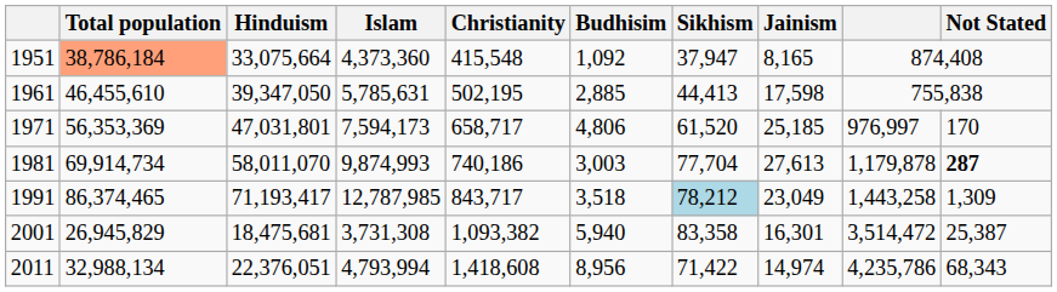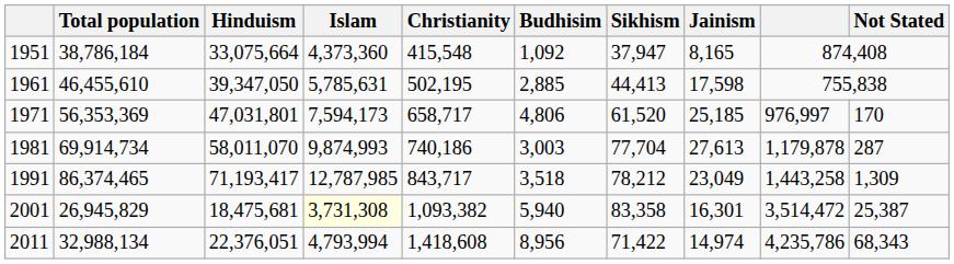 <table class="wikitable defaultright col1center hover-highlight">
 <tr>
 <th></th>
 <th>Total population</th>
 <th>Hinduism</th>
 <th>Islam</th>
 <th>Christianity</th>
 <th>Budhisim</th>
 <th>Sikhism</th>
 <th>Jainism</th>
 <th></th>
 <th>Not Stated</th>
 </tr>
 <tr>
 <td>1951</td>
-<td style="background: lightsalmon;">38,786,184</td>
+<td>38,786,184</td>
 <td>33,075,664</td>
 <td>4,373,360</td>
 <td>415,548</td>
 <td>1,092</td>
 <td>37,947</td>
 <td>8,165</td>
 <td colspan="2" style="text-align:center">874,408</td>
 </tr>
 <tr>
 <td>1961</td>
 <td>46,455,610</td>
 <td>39,347,050</td>
 <td>5,785,631</td>
 <td>502,195</td>
 <td>2,885</td>
 <td>44,413</td>
 <td>17,598</td>
 <td colspan="2" style="text-align:center">755,838</td>
 </tr>
 <tr>
 <td>1971</td>
 <td>56,353,369</td>
 <td>47,031,801</td>
 <td>7,594,173</td>
 <td>658,717</td>
 <td>4,806</td>
 <td>61,520</td>
 <td>25,185</td>
 <td>976,997</td>
 <td>170</td>
 </tr>
 <tr>
 <td>1981</td>
 <td>69,914,734</td>
 <td>58,011,070</td>
 <td>9,874,993</td>
 <td>740,186</td>
 <td>3,003</td>
 <td>77,704</td>
 <td>27,613</td>
 <td>1,179,878</td>
-<td><strong>287</strong></td>
+<td>287</td>
 </tr>
 <tr>
 <td>1991</td>
 <td>86,374,465</td>
 <td>71,193,417</td>
 <td>12,787,985</td>
 <td>843,717</td>
 <td>3,518</td>
-<td style="background: lightblue;">78,212</td>
+<td>78,212</td>
 <td>23,049</td>
 <td>1,443,258</td>
 <td>1,309</td>
 </tr>
 <tr>
 <td>2001</td>
 <td>26,945,829</td>
 <td>18,475,681</td>
-<td>3,731,308</td>
+<td style="background: lightyellow;">3,731,308</td>
 <td>1,093,382</td>
 <td>5,940</td>
 <td>83,358</td>
 <td>16,301</td>
 <td>3,514,472</td>
 <td>25,387</td>
 </tr>
 <tr>
 <td>2011</td>
 <td>32,988,134</td>
 <td>22,376,051</td>
 <td>4,793,994</td>
 <td>1,418,608</td>
 <td>8,956</td>
 <td>71,422</td>
 <td>14,974</td>
 <td>4,235,786</td>
 <td>68,343</td>
 </tr>
 </table>
